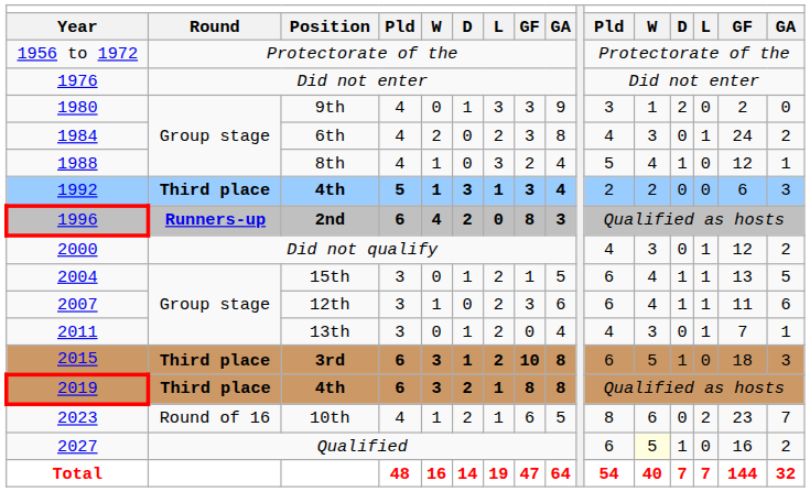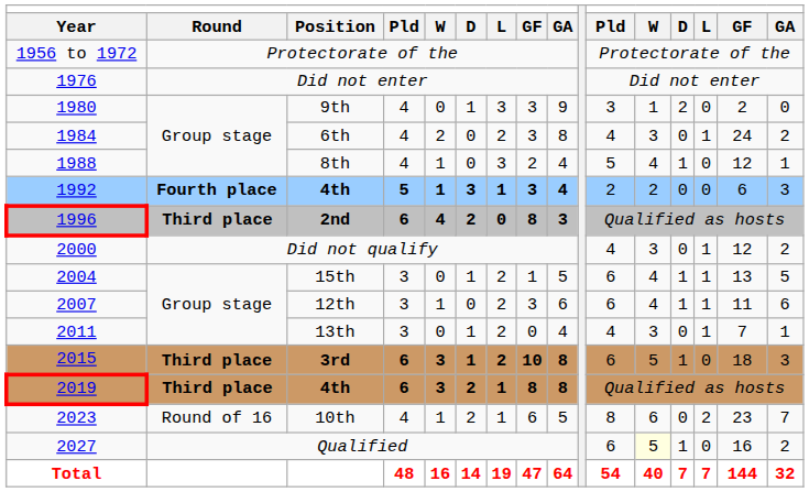 <table class="wikitable" style="text-align: center">
 <tr>
 <th colspan="9" style="background:#ffffff;"><a href='#'></a> </th>
 <th rowspan="18" style="width:1%;"></th>
 <th colspan="6" style="background: #ffffff;"><a href='#'></a> </th>
 </tr>
 <tr>
 <th>Year</th>
 <th>Round</th>
 <th>Position</th>
 <th>Pld</th>
 <th>W</th>
 <th>D</th>
 <th>L</th>
 <th>GF</th>
 <th>GA</th>
 <th>Pld</th>
 <th>W</th>
 <th>D</th>
 <th>L</th>
 <th>GF</th>
 <th>GA</th>
 </tr>
 <tr>
 <td> <a href='#'>1956</a> to  <a href='#'>1972</a></td>
 <td colspan="8"><em>Protectorate of the </em></td>
 <td colspan="6"><em>Protectorate  of the </em></td>
 </tr>
 <tr>
 <td> <a href='#'>1976</a></td>
 <td colspan="8"><em>Did not enter</em></td>
 <td colspan="6"><em>Did not enter</em></td>
 </tr>
 <tr>
 <td> <a href='#'>1980</a></td>
 <td rowspan=3>Group stage</td>
 <td>9th</td>
 <td>4</td>
 <td>0</td>
 <td>1</td>
 <td>3</td>
 <td>3</td>
 <td>9</td>
 <td>3</td>
 <td>1</td>
 <td>2</td>
 <td>0</td>
 <td>2</td>
 <td>0</td>
 </tr>
 <tr>
 <td align=center> <a href='#'>1984</a></td>
 <td>6th</td>
 <td>4</td>
 <td>2</td>
 <td>0</td>
 <td>2</td>
 <td>3</td>
 <td>8</td>
 <td>4</td>
 <td>3</td>
 <td>0</td>
 <td>1</td>
 <td>24</td>
 <td>2</td>
 </tr>
 <tr>
 <td> <a href='#'>1988</a></td>
 <td>8th</td>
 <td>4</td>
 <td>1</td>
 <td>0</td>
 <td>3</td>
 <td>2</td>
 <td>4</td>
 <td>5</td>
 <td>4</td>
 <td>1</td>
 <td>0</td>
 <td>12</td>
 <td>1</td>
 </tr>
 <tr style="background:#9acdff;">
 <td align=center> <a href='#'>1992</a></td>
-<td><strong>Third place</strong></td>
+<td><strong>Fourth place</strong></td>
 <td><strong>4th</strong></td>
 <td><strong>5</strong></td>
 <td><strong>1</strong></td>
 <td><strong>3</strong></td>
 <td><strong>1</strong></td>
 <td><strong>3</strong></td>
 <td><strong>4</strong></td>
 <td>2</td>
 <td>2</td>
 <td>0</td>
 <td>0</td>
 <td>6</td>
 <td>3</td>
 </tr>
 <tr bgcolor=Silver>
 <td style="border: 3px solid red"> <a href='#'>1996</a></td>
-<td><strong><a href='#'>Runners-up</a></strong></td>
+<td><strong>Third place</strong></td>
 <td><strong>2nd</strong></td>
 <td><strong>6</strong></td>
 <td><strong>4</strong></td>
 <td><strong>2</strong></td>
 <td><strong>0</strong></td>
 <td><strong>8</strong></td>
 <td><strong>3</strong></td>
 <td colspan=6><em>Qualified as hosts</em></td>
 </tr>
 <tr>
 <td> <a href='#'>2000</a></td>
 <td colspan=8><em>Did not qualify</em></td>
 <td>4</td>
 <td>3</td>
 <td>0</td>
 <td>1</td>
 <td>12</td>
 <td>2</td>
 </tr>
 <tr>
 <td> <a href='#'>2004</a></td>
 <td rowspan=3>Group stage</td>
 <td>15th</td>
 <td>3</td>
 <td>0</td>
 <td>1</td>
 <td>2</td>
 <td>1</td>
 <td>5</td>
 <td>6</td>
 <td>4</td>
 <td>1</td>
 <td>1</td>
 <td>13</td>
 <td>5</td>
 </tr>
 <tr>
 <td>    <a href='#'>2007</a></td>
 <td>12th</td>
 <td>3</td>
 <td>1</td>
 <td>0</td>
 <td>2</td>
 <td>3</td>
 <td>6</td>
 <td>6</td>
 <td>4</td>
 <td>1</td>
 <td>1</td>
 <td>11</td>
 <td>6</td>
 </tr>
 <tr>
 <td> <a href='#'>2011</a></td>
 <td>13th</td>
 <td>3</td>
 <td>0</td>
 <td>1</td>
 <td>2</td>
 <td>0</td>
 <td>4</td>
 <td>4</td>
 <td>3</td>
 <td>0</td>
 <td>1</td>
 <td>7</td>
 <td>1</td>
 </tr>
 <tr bgcolor="#cc9966">
 <td> <a href='#'>2015</a></td>
 <td><strong>Third place</strong></td>
 <td><strong>3rd</strong></td>
 <td><strong>6</strong></td>
 <td><strong>3</strong></td>
 <td><strong>1</strong></td>
 <td><strong>2</strong></td>
 <td><strong>10</strong></td>
 <td><strong>8</strong></td>
 <td>6</td>
 <td>5</td>
 <td>1</td>
 <td>0</td>
 <td>18</td>
 <td>3</td>
 </tr>
 <tr bgcolor="#cc9966">
 <td style="border: 3px solid red"> <a href='#'>2019</a></td>
 <td><strong>Third place</strong></td>
 <td><strong>4th</strong></td>
 <td><strong>6</strong></td>
 <td><strong>3</strong></td>
 <td><strong>2</strong></td>
 <td><strong>1</strong></td>
 <td><strong>8</strong></td>
 <td><strong>8</strong></td>
 <td colspan=6><em>Qualified as hosts</em></td>
 </tr>
 <tr>
 <td> <a href='#'>2023</a></td>
 <td>Round of 16</td>
 <td>10th</td>
 <td>4</td>
 <td>1</td>
 <td>2</td>
 <td>1</td>
 <td>6</td>
 <td>5</td>
 <td>8</td>
 <td>6</td>
 <td>0</td>
 <td>2</td>
 <td>23</td>
 <td>7</td>
 </tr>
 <tr>
 <td> <a href='#'>2027</a></td>
 <td colspan=8><em>Qualified</em></td>
 <td>6</td>
 <td style="background: lightyellow;">5</td>
 <td>1</td>
 <td>0</td>
 <td>16</td>
 <td>2</td>
 </tr>
 <tr style="color:red;">
 <th style="background:#ffffff;"><strong>Total</strong></th>
 <th style="background:#ffffff;"><strong></strong></th>
 <th style="background:#ffffff;"><strong></strong></th>
 <th style="background:#ffffff;"><strong>48</strong></th>
 <th style="background:#ffffff;"><strong>16</strong></th>
 <th style="background:#ffffff;"><strong>14</strong></th>
 <th style="background:#ffffff;"><strong>19</strong></th>
 <th style="background:#ffffff;"><strong>47</strong></th>
 <th style="background:#ffffff;"><strong>64</strong></th>
 <th style="background:#ffffff;"><strong>54</strong></th>
 <th style="background:#ffffff;"><strong>40</strong></th>
 <th style="background:#ffffff;"><strong>7</strong></th>
 <th style="background:#ffffff;"><strong>7</strong></th>
 <th style="background:#ffffff;"><strong>144</strong></th>
 <th style="background:#ffffff;"><strong>32</strong></th>
 </tr>
 </table>
